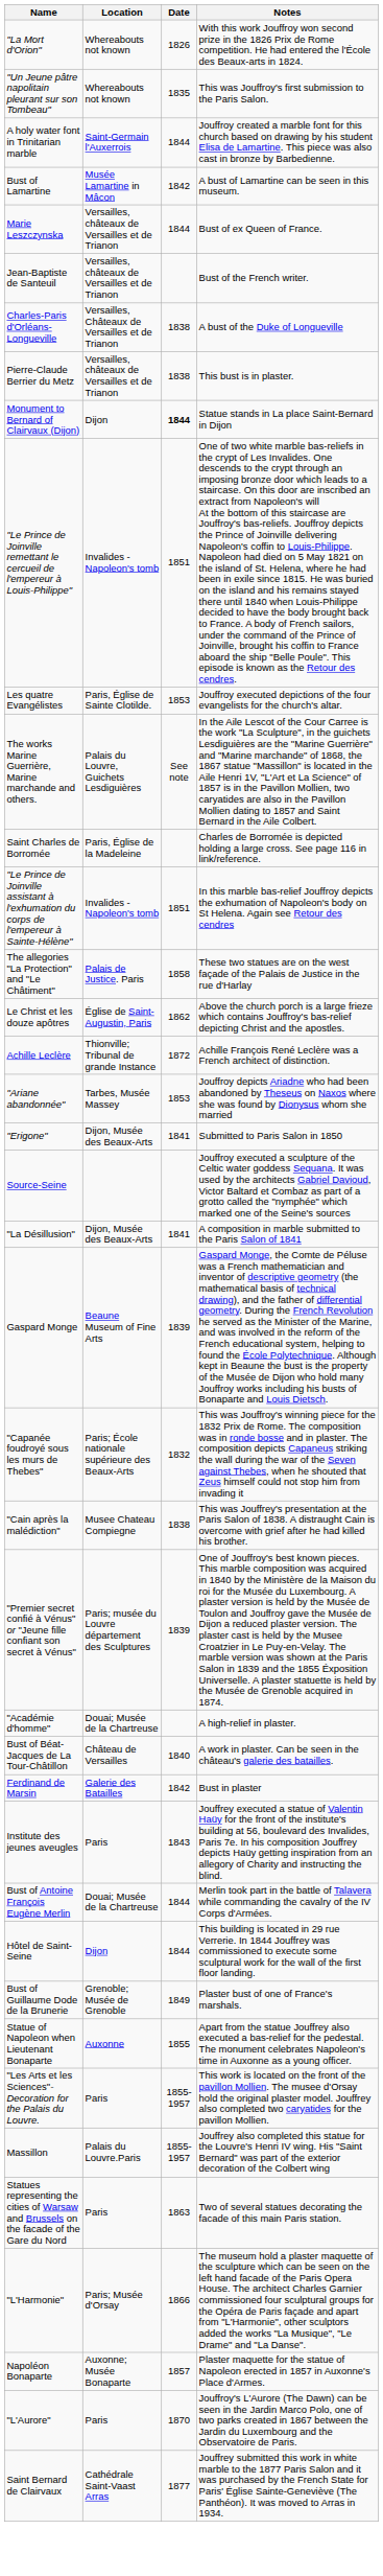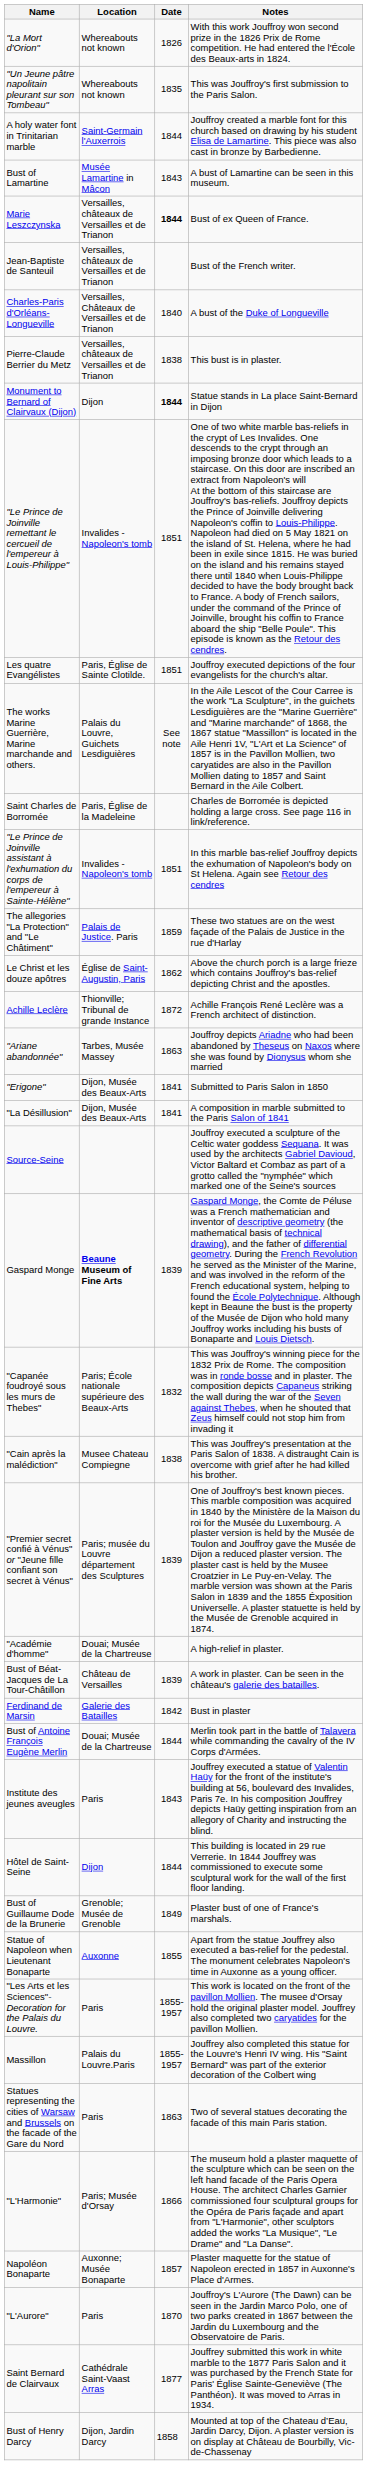 <table class="wikitable sortable plainrowheaders">
 <tr>
 <th style="width:120px">Name</th>
 <th style="width:120px">Location</th>
 <th style="width:50px">Date</th>
 <th class="unsortable">Notes</th>
 </tr>
 <tr>
 <td><em>"La Mort d'Orion"</em></td>
 <td>Whereabouts not known</td>
 <td align="center">1826</td>
 <td>With this work Jouffroy won second prize in the 1826 Prix de Rome competition. He had entered the l'École des Beaux-arts in 1824.</td>
 </tr>
 <tr>
 <td><em>"Un Jeune pâtre napolitain pleurant sur son Tombeau"</em></td>
 <td>Whereabouts not known</td>
 <td align="center">1835</td>
 <td>This was Jouffroy's first submission to the Paris Salon.</td>
 </tr>
 <tr>
 <td>A holy water font in Trinitarian marble</td>
 <td><a href='#'>Saint-Germain l'Auxerrois</a></td>
 <td align="center">1844</td>
 <td>Jouffroy created a marble font for this church based on drawing by his student <a href='#'>Elisa de Lamartine</a>. This piece was also cast in bronze by Barbedienne.</td>
 </tr>
 <tr>
 <td>Bust of Lamartine</td>
 <td><a href='#'>Musée Lamartine</a> in <a href='#'>Mâcon</a></td>
-<td align="center">1842</td>
+<td align="center">1843</td>
 <td>A bust of Lamartine can be seen in this museum.</td>
 </tr>
 <tr>
 <td><a href='#'>Marie Leszczynska</a></td>
 <td>Versailles, châteaux de Versailles et de Trianon</td>
-<td align="center">1844</td>
+<td align="center"><strong>1844</strong></td>
 <td>Bust of ex Queen of France.<br></td>
 </tr>
 <tr>
 <td>Jean-Baptiste de Santeuil</td>
 <td>Versailles, châteaux de Versailles et de Trianon</td>
 <td align="center"></td>
 <td>Bust of the French writer.</td>
 </tr>
 <tr>
 <td><a href='#'>Charles-Paris d'Orléans-Longueville</a></td>
 <td>Versailles, Châteaux de Versailles et de Trianon</td>
-<td align="center">1838</td>
+<td align="center">1840</td>
 <td>A bust of the <a href='#'>Duke of Longueville</a></td>
 </tr>
 <tr>
 <td>Pierre-Claude Berrier du Metz</td>
 <td>Versailles, châteaux de Versailles et de Trianon</td>
 <td align="center">1838</td>
 <td>This bust is in plaster.</td>
 </tr>
 <tr>
 <td><a href='#'>Monument to Bernard of Clairvaux (Dijon)</a></td>
 <td>Dijon</td>
 <td align="center"><strong>1844</strong></td>
 <td>Statue stands in La place Saint-Bernard in Dijon</td>
 </tr>
 <tr>
 <td><em>"Le Prince de Joinville remettant le cercueil de l'empereur à Louis-Philippe"</em></td>
 <td>Invalides - <a href='#'>Napoleon's tomb</a></td>
 <td align="center">1851</td>
 <td>One of two white marble bas-reliefs in the crypt of Les Invalides. One descends to the crypt through an imposing bronze door which leads to a staircase. On this door are inscribed an extract from Napoleon's will <br>At the bottom of this staircase are Jouffroy's bas-reliefs. Jouffroy depicts the Prince of Joinville delivering Napoleon's coffin to <a href='#'>Louis-Philippe</a>. Napoleon had died on 5 May 1821 on the island of St. Helena, where he had been in exile since 1815. He was buried on the island and his remains stayed there until 1840 when Louis-Philippe decided to have the body brought back to France. A body of French sailors, under the command of the Prince of Joinville, brought his coffin to France aboard the ship "Belle Poule". This episode is known as the <a href='#'>Retour des cendres</a>. </td>
 </tr>
 <tr>
 <td>Les quatre Evangélistes</td>
 <td>Paris, Église de Sainte Clotilde.</td>
-<td align="center">1853</td>
+<td align="center">1851</td>
 <td>Jouffroy executed depictions of the four evangelists for the church's altar.<br></td>
 </tr>
 <tr>
 <td>The works Marine Guerrière, Marine marchande and others.</td>
 <td>Palais du Louvre, Guichets Lesdiguières</td>
 <td align="center">See note</td>
 <td>In the Aile Lescot of the Cour Carree is the work "La Sculpture", in the guichets Lesdiguières are the "Marine Guerrière" and "Marine marchande" of 1868, the 1867 statue "Massillon" is located in the Aile Henri 1V, "L'Art et La Science" of 1857 is in the Pavillon Mollien, two caryatides are also in the Pavillon Mollien dating to 1857 and Saint Bernard in the Aile Colbert.<br></td>
 </tr>
 <tr>
 <td>Saint Charles de Borromée</td>
 <td>Paris, Église de la Madeleine</td>
 <td align="center"></td>
 <td>Charles de Borromée is depicted holding a large cross. See page 116 in link/reference.<br></td>
 </tr>
 <tr>
 <td><em>"Le Prince de Joinville assistant à l'exhumation du corps de l'empereur à Sainte-Hélène"</em></td>
 <td>Invalides - <a href='#'>Napoleon's tomb</a></td>
 <td align="center">1851</td>
 <td>In this marble bas-relief Jouffroy depicts the exhumation of Napoleon's body on St Helena. Again see <a href='#'>Retour des cendres</a></td>
 </tr>
 <tr>
 <td>The allegories "La Protection" and "Le Châtiment"</td>
 <td><a href='#'>Palais de Justice</a>. Paris</td>
-<td align="center">1858</td>
+<td align="center">1859</td>
 <td>These two statues are on the west façade of the Palais de Justice in the rue d'Harlay</td>
 </tr>
 <tr>
 <td>Le Christ et les douze apôtres</td>
 <td>Église de <a href='#'>Saint-Augustin, Paris</a></td>
 <td align="center">1862</td>
 <td>Above the church porch is a large frieze which contains Jouffroy's bas-relief depicting Christ and the apostles.<br> </td>
 </tr>
 <tr>
 <td><a href='#'>Achille Leclère</a></td>
 <td>Thionville; Tribunal de grande Instance</td>
 <td align="center">1872</td>
 <td>Achille François René Leclère was a French architect of distinction.</td>
 </tr>
 <tr>
 <td><em>"Ariane abandonnée"</em></td>
 <td>Tarbes, Musée Massey</td>
-<td align="center">1853</td>
+<td align="center">1863</td>
 <td>Jouffroy depicts <a href='#'>Ariadne</a> who had been abandoned by <a href='#'>Theseus</a> on <a href='#'>Naxos</a> where she was found by <a href='#'>Dionysus</a> whom she married</td>
 </tr>
 <tr>
 <td><em>"Erigone"<strong></td>
 <td>Dijon, Musée des Beaux-Arts</td>
 <td align="center">1841</td>
 <td>Submitted to Paris Salon in 1850</td>
 </tr>
 <tr>
+<td></em>"La Désillusion"<em></td>
+<td>Dijon, Musée des Beaux-Arts</td>
+<td align="center">1841</td>
+<td>A composition in marble submitted to the Paris <a href='#'>Salon of 1841</a></td>
+</tr>
+<tr>
 <td><a href='#'>Source-Seine</a></td>
 <td></td>
 <td align="center"></td>
 <td>Jouffroy executed a sculpture of the Celtic water goddess <a href='#'>Sequana</a>. It was used by the architects <a href='#'>Gabriel Davioud</a>, Victor Baltard et Combaz as part of a grotto called the "nymphée" which marked one of the Seine's sources<br></td>
 </tr>
 <tr>
-<td></em>"La Désillusion"<em></td>
-<td>Dijon, Musée des Beaux-Arts</td>
-<td align="center">1841</td>
-<td>A composition in marble submitted to the Paris <a href='#'>Salon of 1841</a></td>
-</tr>
-<tr>
 <td>Gaspard Monge</td>
-<td><a href='#'>Beaune</a> Museum of Fine Arts</td>
+<td><strong><a href='#'>Beaune</a> Museum of Fine Arts</strong></td>
 <td align="center">1839</td>
 <td><a href='#'>Gaspard Monge</a>, the Comte de Péluse was a French mathematician and inventor of <a href='#'>descriptive geometry</a> (the mathematical basis of <a href='#'>technical drawing</a>), and the father of <a href='#'>differential geometry</a>. During the <a href='#'>French Revolution</a> he served as the Minister of the Marine, and was involved in the reform of the French educational system, helping to found the <a href='#'>École Polytechnique</a>. Although kept in Beaune the bust is the property of the Musée de Dijon who hold many Jouffroy works including his busts of Bonaparte and <a href='#'>Louis Dietsch</a>.<br> </td>
 </tr>
 <tr>
 <td></em>"Capanée foudroyé sous les murs de Thebes"<em></td>
 <td>Paris; École nationale supérieure des Beaux-Arts</td>
 <td align="center">1832</td>
 <td>This was Jouffroy's winning piece for the 1832 Prix de Rome. The composition was in <a href='#'>ronde bosse</a> and in plaster. The composition depicts <a href='#'>Capaneus</a> striking the wall during the war of the <a href='#'>Seven against Thebes</a>, when he shouted that <a href='#'>Zeus</a> himself could not stop him from invading it</td>
 </tr>
 <tr>
 <td></em>"Cain après la malédiction"<em></td>
 <td>Musee Chateau Compiegne</td>
 <td align="center">1838</td>
 <td>This was Jouffrey's presentation at the Paris Salon of 1838.  A distraught Cain is overcome with grief after he had killed his brother.</td>
 </tr>
 <tr>
 <td></em>"Premier secret confié à Vénus"<em> or </em>"Jeune fille confiant son secret à Vénus"<em></td>
 <td>Paris; musée du Louvre département des Sculptures</td>
 <td align="center">1839</td>
 <td>One of Jouffroy's best known pieces. This marble composition was acquired in 1840 by the Ministère de la Maison du roi for the Musée du Luxembourg. A plaster version is held by the Musée de Toulon and Jouffroy gave the Musée de Dijon a reduced plaster version. The plaster cast is held by the Musee Croatzier in Le Puy-en-Velay. The marble version was shown at the Paris Salon in 1839 and the 1855 Éxposition Universelle. A plaster statuette is held by the Musée de Grenoble acquired in 1874.<br>  </td>
 </tr>
 <tr>
 <td></em>"Académie d'homme"<em></td>
 <td>Douai; Musée de la Chartreuse</td>
 <td align="center"></td>
 <td>A high-relief in plaster.</td>
 </tr>
 <tr>
 <td>Bust of Béat-Jacques de La Tour-Châtillon</td>
 <td>Château de Versailles</td>
-<td align="center">1840</td>
+<td align="center">1839</td>
 <td>A work in plaster.  Can be seen in the château's <a href='#'>galerie des batailles</a>.<br> </td>
 </tr>
 <tr>
 <td><a href='#'>Ferdinand de Marsin</a></td>
 <td><a href='#'>Galerie des Batailles</a></td>
 <td align="center">1842</td>
 <td>Bust in plaster</td>
 </tr>
 <tr>
+<td>Bust of <a href='#'>Antoine François Eugène Merlin</a></td>
+<td>Douai; Musée de la Chartreuse</td>
+<td align="center">1844</td>
+<td>Merlin took part in the battle of <a href='#'>Talavera</a> while commanding the cavalry of the IV Corps d'Armées.</td>
+</tr>
+<tr>
 <td>Institute des jeunes aveugles</td>
 <td>Paris</td>
 <td align="center">1843</td>
 <td>Jouffrey executed a statue of <a href='#'>Valentin Haüy</a> for the front of the institute's building at 56, boulevard des Invalides, Paris 7e. In his composition Jouffrey depicts Haüy getting inspiration from an allegory of Charity and instructing the blind.</td>
-</tr>
-<tr>
-<td>Bust of <a href='#'>Antoine François Eugène Merlin</a></td>
-<td>Douai; Musée de la Chartreuse</td>
-<td align="center">1844</td>
-<td>Merlin took part in the battle of <a href='#'>Talavera</a> while commanding the cavalry of the IV Corps d'Armées.</td>
 </tr>
 <tr>
 <td>Hôtel de Saint-Seine</td>
 <td><a href='#'>Dijon</a></td>
 <td align="center">1844</td>
 <td>This building is located in 29 rue Verrerie. In 1844 Jouffrey was commissioned to execute some sculptural work for the wall of the first floor landing.<br></td>
 </tr>
 <tr>
 <td>Bust of Guillaume Dode de la Brunerie</td>
 <td>Grenoble; Musée de Grenoble</td>
 <td align="center">1849</td>
 <td>Plaster bust of one of France's marshals.</td>
 </tr>
 <tr>
 <td>Statue of Napoleon when Lieutenant Bonaparte</td>
 <td><a href='#'>Auxonne</a></td>
 <td align="center">1855</td>
 <td>Apart from the statue Jouffrey also executed a bas-relief for the pedestal.  The monument celebrates Napoleon's time in Auxonne as a young officer.<br> </td>
 </tr>
 <tr>
 <td></em>"Les Arts et les Sciences"<em>- Decoration for the Palais du Louvre.</td>
 <td>Paris</td>
 <td align="center">1855-1957</td>
 <td>This work is located on the front of the <a href='#'>pavillon Mollien</a>. The musee d'Orsay hold the original plaster model. Jouffrey also completed two <a href='#'>caryatides</a> for the pavillon Mollien.</td>
 </tr>
 <tr>
 <td>Massillon</td>
 <td>Palais du Louvre.Paris</td>
 <td align="center">1855-1957</td>
 <td>Jouffrey also completed this statue for the Louvre's Henri IV wing. His "Saint Bernard" was part of the exterior decoration of the Colbert wing</td>
 </tr>
 <tr>
 <td>Statues representing the cities of <a href='#'>Warsaw</a> and <a href='#'>Brussels</a> on the facade of the Gare du Nord</td>
 <td>Paris</td>
 <td align="center">1863</td>
 <td>Two of several statues decorating the facade of this main Paris station.<br></td>
 </tr>
 <tr>
 <td></em>"L'Harmonie"<em></td>
 <td>Paris; Musée d'Orsay</td>
 <td align="center">1866</td>
 <td>The museum hold a plaster maquette of the sculpture which can be seen on the left hand facade of the Paris Opera House. The architect Charles Garnier commissioned four sculptural groups for the Opéra de Paris façade and apart from "L'Harmonie", other sculptors added the works "La Musique", "Le Drame" and  "La Danse".<br>  </td>
 </tr>
 <tr>
 <td>Napoléon Bonaparte</td>
 <td>Auxonne; Musée Bonaparte</td>
 <td align="center">1857</td>
 <td>Plaster maquette for the statue of Napoleon erected in 1857 in Auxonne's Place d'Armes.</td>
 </tr>
 <tr>
 <td></em>"L'Aurore"<em></td>
 <td>Paris</td>
 <td align="center">1870</td>
 <td>Jouffroy's L'Aurore (The Dawn) can be seen in the Jardin Marco Polo, one of two parks created in 1867 between the Jardin du Luxembourg and the Observatoire de Paris.<br></td>
 </tr>
 <tr>
 <td>Saint Bernard de Clairvaux</td>
 <td>Cathédrale Saint-Vaast <a href='#'>Arras</a></td>
 <td align="center">1877</td>
 <td>Jouffrey submitted this work in white marble to the 1877 Paris Salon and it was purchased by the French State for Paris' Église Sainte-Geneviève (The Panthéon).  It was moved to Arras in 1934.<br></td>
 </tr>
+<tr>
+<td>Bust of Henry Darcy</td>
+<td>Dijon, Jardin Darcy</td>
+<td>1858</td>
+<td>Mounted at top of the Chateau d’Eau, Jardin Darcy, Dijon. A plaster version is on display at Château de Bourbilly, Vic-de-Chassenay</td>
+</tr>
 </table>
